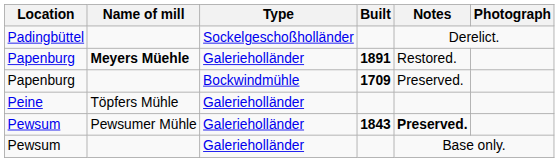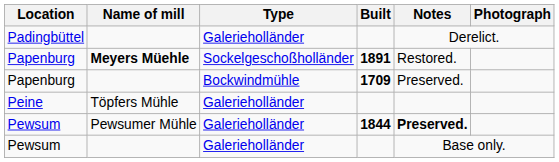 <table class="wikitable sortable">
 <tr>
 <th>Location</th>
 <th>Name of mill</th>
 <th>Type</th>
 <th>Built</th>
 <th class="unsortable">Notes</th>
 <th class="unsortable">Photograph</th>
 </tr>
 <tr>
 <td><a href='#'>Padingbüttel</a></td>
 <td></td>
-<td><a href='#'>Sockelgeschoß­holländer</a></td>
+<td><a href='#'>Galerieholländer</a></td>
 <td></td>
 <td colspan="2" style="text-align:center;">Derelict.</td>
 </tr>
 <tr>
 <td><a href='#'>Papenburg</a></td>
 <td><strong>Meyers Müehle</strong></td>
-<td><a href='#'>Galerieholländer</a></td>
+<td><a href='#'>Sockelgeschoß­holländer</a></td>
 <td><strong>1891</strong></td>
 <td>Restored.</td>
 <td></td>
 </tr>
 <tr>
 <td>Papenburg</td>
 <td></td>
 <td><a href='#'>Bockwindmühle</a></td>
 <td><strong>1709</strong></td>
 <td>Preserved.</td>
 <td></td>
 </tr>
 <tr>
 <td><a href='#'>Peine</a></td>
 <td>Töpfers Mühle</td>
 <td><a href='#'>Galerieholländer</a></td>
 <td></td>
 <td></td>
 <td></td>
 </tr>
 <tr>
 <td><a href='#'>Pewsum</a></td>
 <td>Pewsumer Mühle</td>
 <td><a href='#'>Galerieholländer</a></td>
-<td><strong>1843</strong></td>
+<td><strong>1844</strong></td>
 <td><strong>Preserved.</strong></td>
 <td></td>
 </tr>
 <tr>
 <td>Pewsum</td>
 <td></td>
 <td><a href='#'>Galerieholländer</a></td>
 <td></td>
 <td colspan="2" style="text-align:center;">Base only.</td>
 </tr>
 </table>
